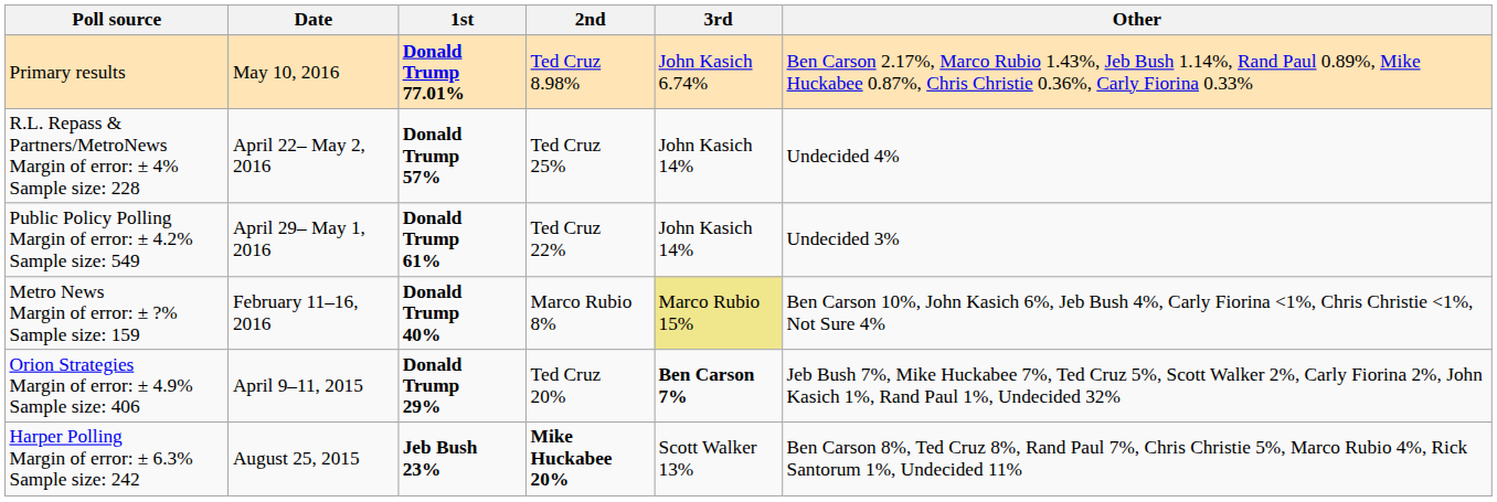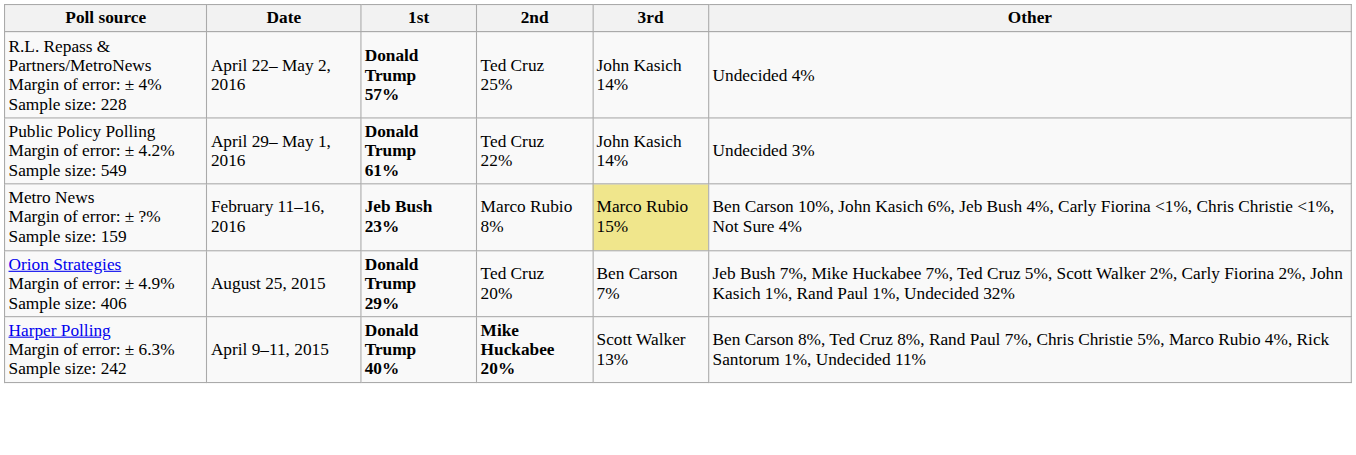 <table class="wikitable">
 <tr>
 <th style="width:180px;">Poll source</th>
 <th style="width:135px;">Date</th>
 <th style="width:100px;">1st</th>
 <th style="width:100px;">2nd</th>
 <th style="width:100px;">3rd</th>
 <th>Other</th>
 </tr>
 <tr>
-</tr>
-<tr style="background:Moccasin;">
-<td>Primary results</td>
-<td>May 10, 2016</td>
-<td><strong><a href='#'>Donald Trump</a><br>77.01%</strong></td>
-<td><a href='#'>Ted Cruz</a><br>8.98%</td>
-<td><a href='#'>John Kasich</a><br>6.74%</td>
-<td><a href='#'>Ben Carson</a> 2.17%, <a href='#'>Marco Rubio</a> 1.43%, <a href='#'>Jeb Bush</a> 1.14%, <a href='#'>Rand Paul</a> 0.89%, <a href='#'>Mike Huckabee</a> 0.87%, <a href='#'>Chris Christie</a> 0.36%, <a href='#'>Carly Fiorina</a> 0.33%</td>
 </tr>
 <tr>
 <td>R.L. Repass & Partners/MetroNews<br>Margin of error: ± 4% <br>Sample size: 228</td>
 <td>April 22– May 2, 2016</td>
 <td><strong>Donald Trump<br>57%</strong></td>
 <td>Ted Cruz<br>25%</td>
 <td>John Kasich<br>14%</td>
 <td>Undecided 4%</td>
 </tr>
 <tr>
 <td>Public Policy Polling<br>Margin of error: ± 4.2% <br>Sample size: 549</td>
 <td>April 29– May 1, 2016</td>
 <td><strong>Donald Trump<br>61%</strong></td>
 <td>Ted Cruz<br>22%</td>
 <td>John Kasich<br>14%</td>
 <td>Undecided 3%</td>
 </tr>
 <tr>
 <td>Metro News<br>Margin of error: ± ?% <br>Sample size: 159</td>
 <td>February 11–16, 2016</td>
-<td><strong>Donald Trump<br>40%</strong></td>
+<td><strong>Jeb Bush<br>23%</strong></td>
 <td>Marco Rubio<br>8%</td>
 <td style="background: khaki;">Marco Rubio<br>15%</td>
 <td>Ben Carson 10%, John Kasich 6%, Jeb Bush 4%, Carly Fiorina <1%, Chris Christie <1%, Not Sure 4%</td>
 </tr>
 <tr>
 <td><a href='#'>Orion Strategies</a><br>Margin of error: ± 4.9% <br>Sample size: 406</td>
-<td>April 9–11, 2015</td>
+<td>August 25, 2015</td>
 <td><strong>Donald Trump<br>29%</strong></td>
 <td>Ted Cruz<br>20%</td>
-<td><strong>Ben Carson<br>7%</strong></td>
+<td>Ben Carson<br>7%</td>
 <td>Jeb Bush 7%, Mike Huckabee 7%, Ted Cruz 5%, Scott Walker 2%, Carly Fiorina 2%, John Kasich 1%, Rand Paul 1%, Undecided 32%</td>
 </tr>
 <tr>
 <td><a href='#'>Harper Polling</a><br>Margin of error: ± 6.3% <br>Sample size: 242</td>
-<td>August 25, 2015</td>
-<td><strong>Jeb Bush<br>23%</strong></td>
+<td>April 9–11, 2015</td>
+<td><strong>Donald Trump<br>40%</strong></td>
 <td><strong>Mike Huckabee<br>20%</strong></td>
 <td>Scott Walker<br>13%</td>
 <td>Ben Carson 8%, Ted Cruz 8%, Rand Paul 7%, Chris Christie 5%, Marco Rubio 4%, Rick Santorum 1%, Undecided 11%</td>
 </tr>
 </table>
